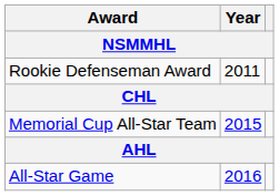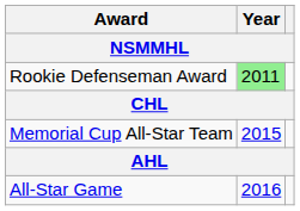 <table class="wikitable">
 <tr>
 <th>Award</th>
 <th>Year</th>
 <th></th>
 </tr>
 <tr>
 <th colspan="3"><a href='#'>NSMMHL</a></th>
 </tr>
 <tr>
 <td>Rookie Defenseman Award</td>
-<td>2011</td>
+<td style="background: lightgreen;">2011</td>
 <td></td>
 </tr>
 <tr>
 <th colspan="3"><a href='#'>CHL</a></th>
 </tr>
 <tr>
 <td><a href='#'>Memorial Cup</a> All-Star Team</td>
 <td><a href='#'>2015</a></td>
 <td></td>
 </tr>
 <tr>
 <th colspan="3"><a href='#'>AHL</a></th>
 </tr>
 <tr>
 <td><a href='#'>All-Star Game</a></td>
 <td><a href='#'>2016</a></td>
 <td></td>
 </tr>
 </table>
